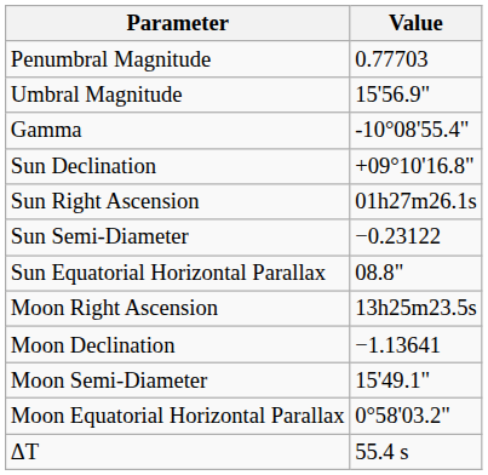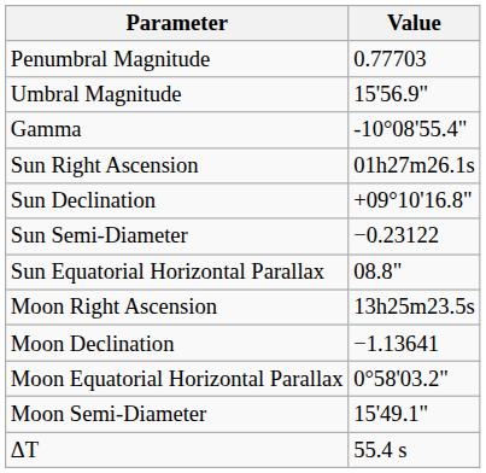 <table class="wikitable">
 <tr>
 <th>Parameter</th>
 <th>Value</th>
 </tr>
 <tr>
 <td>Penumbral Magnitude</td>
 <td>0.77703</td>
 </tr>
 <tr>
 <td>Umbral Magnitude</td>
 <td>15'56.9"</td>
 </tr>
 <tr>
 <td>Gamma</td>
 <td>-10°08'55.4"</td>
 </tr>
 <tr>
+<td>Sun Right Ascension</td>
+<td>01h27m26.1s</td>
+</tr>
+<tr>
 <td>Sun Declination</td>
 <td>+09°10'16.8"</td>
-</tr>
-<tr>
-<td>Sun Right Ascension</td>
-<td>01h27m26.1s</td>
 </tr>
 <tr>
 <td>Sun Semi-Diameter</td>
 <td>−0.23122</td>
 </tr>
 <tr>
 <td>Sun Equatorial Horizontal Parallax</td>
 <td>08.8"</td>
 </tr>
 <tr>
 <td>Moon Right Ascension</td>
 <td>13h25m23.5s</td>
 </tr>
 <tr>
 <td>Moon Declination</td>
 <td>−1.13641</td>
 </tr>
 <tr>
+<td>Moon Equatorial Horizontal Parallax</td>
+<td>0°58'03.2"</td>
+</tr>
+<tr>
 <td>Moon Semi-Diameter</td>
 <td>15'49.1"</td>
-</tr>
-<tr>
-<td>Moon Equatorial Horizontal Parallax</td>
-<td>0°58'03.2"</td>
 </tr>
 <tr>
 <td>ΔT</td>
 <td>55.4 s</td>
 </tr>
 </table>
